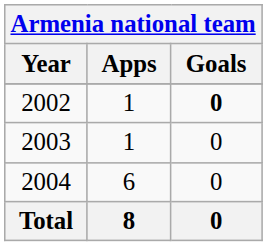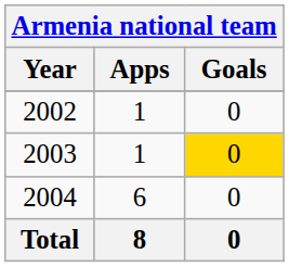 <table class="wikitable" style="text-align:center">
 <tr>
 <th colspan=3><a href='#'>Armenia national team</a></th>
 </tr>
 <tr>
 <th>Year</th>
 <th>Apps</th>
 <th>Goals</th>
 </tr>
 <tr>
 </tr>
 <tr>
 <td>2002</td>
 <td>1</td>
-<td><strong>0</strong></td>
+<td>0</td>
 </tr>
 <tr>
 <td>2003</td>
 <td>1</td>
-<td>0</td>
+<td style="background: gold;">0</td>
 </tr>
 <tr>
 <td>2004</td>
 <td>6</td>
 <td>0</td>
 </tr>
 <tr>
 <th>Total</th>
 <th>8</th>
 <th>0</th>
 </tr>
 </table>
